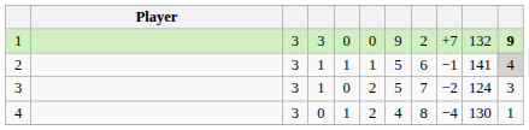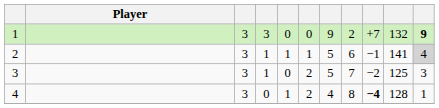 <table class="wikitable" style="text-align:center;">
 <tr>
 <th width=20></th>
 <th width=260>Player</th>
 <th width=20></th>
 <th width=20></th>
 <th width=20></th>
 <th width=20></th>
 <th width=20></th>
 <th width=20></th>
 <th width=20></th>
 <th width=30></th>
 <th width=20></th>
 </tr>
 <tr style="background:#D0F0C0;">
 <td>1</td>
 <td align=left> <small></small></td>
 <td>3</td>
 <td>3</td>
 <td>0</td>
 <td>0</td>
 <td>9</td>
 <td>2</td>
 <td>+7</td>
 <td>132</td>
 <td><strong>9</strong></td>
 </tr>
 <tr>
 <td>2</td>
 <td align=left> <small></small></td>
 <td>3</td>
 <td>1</td>
 <td>1</td>
 <td>1</td>
 <td>5</td>
 <td>6</td>
 <td>−1</td>
 <td>141</td>
 <td style="background: lightgrey;">4</td>
 </tr>
 <tr>
 <td>3</td>
 <td align=left> <small></small></td>
 <td>3</td>
 <td>1</td>
 <td>0</td>
 <td>2</td>
 <td>5</td>
 <td>7</td>
 <td>−2</td>
-<td>124</td>
+<td>125</td>
 <td>3</td>
 </tr>
 <tr>
 <td>4</td>
 <td align=left> <small></small></td>
 <td>3</td>
 <td>0</td>
 <td>1</td>
 <td>2</td>
 <td>4</td>
 <td>8</td>
-<td>−4</td>
-<td>130</td>
+<td><strong>−4</strong></td>
+<td>128</td>
 <td>1</td>
 </tr>
 <tr>
 </tr>
 </table>
